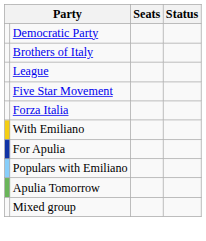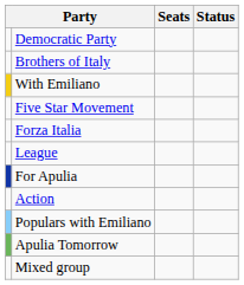 <table class=wikitable>
 <tr>
 <th colspan=2>Party</th>
 <th>Seats</th>
 <th>Status</th>
 </tr>
 <tr>
 <td style="color:inherit;background:"></td>
 <td><a href='#'>Democratic Party</a></td>
 <td></td>
 <td></td>
 </tr>
 <tr>
 <td style="color:inherit;background:"></td>
 <td><a href='#'>Brothers of Italy</a></td>
 <td></td>
 <td></td>
 </tr>
 <tr>
-<td style="color:inherit;background:"></td>
-<td><a href='#'>League</a></td>
+<td style="color:inherit;background:#F4CE13"></td>
+<td>With Emiliano</td>
 <td></td>
 <td></td>
 </tr>
 <tr>
 <td style="color:inherit;background:"></td>
 <td><a href='#'>Five Star Movement</a></td>
 <td></td>
 <td></td>
 </tr>
 <tr>
 <td style="color:inherit;background:"></td>
 <td><a href='#'>Forza Italia</a></td>
 <td></td>
 <td></td>
 </tr>
 <tr>
-<td style="color:inherit;background:#F4CE13"></td>
-<td>With Emiliano</td>
+<td style="color:inherit;background:"></td>
+<td><a href='#'>League</a></td>
 <td></td>
 <td></td>
 </tr>
 <tr>
 <td style="color:inherit;background:#1034A6"></td>
 <td>For Apulia</td>
+<td></td>
+<td></td>
+</tr>
+<tr>
+<td style="color:inherit;background:"></td>
+<td><a href='#'>Action</a></td>
 <td></td>
 <td></td>
 </tr>
 <tr>
 <td style="color:inherit;background:#87CEFA"></td>
 <td>Populars with Emiliano</td>
 <td></td>
 <td></td>
 </tr>
 <tr>
 <td style="color:inherit;background:#6AB55A"></td>
 <td>Apulia Tomorrow</td>
 <td></td>
 <td></td>
 </tr>
 <tr>
 <td></td>
 <td>Mixed group</td>
 <td></td>
 <td></td>
 </tr>
 </table>
